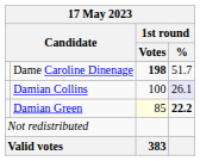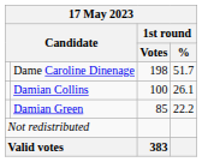 <table class="wikitable" style="min-width:250px">
 <tr>
 <th colspan="12">17 May 2023</th>
 </tr>
 <tr>
 <th colspan="2" rowspan="2">Candidate</th>
 <th colspan="2">1st round</th>
 </tr>
 <tr>
 <th>Votes</th>
 <th>%</th>
 </tr>
 <tr>
 <td style="color:inherit;background-color: "></td>
 <td>Dame <a href='#'>Caroline Dinenage</a></td>
-<td align="right"><strong>198</strong></td>
+<td align="right">198</td>
 <td align="right">51.7</td>
 </tr>
 <tr>
 <td style="color:inherit;background-color: "></td>
 <td><a href='#'>Damian Collins</a></td>
 <td align="right">100</td>
-<td align="right" style="background: lavender;">26.1</td>
+<td align="right">26.1</td>
 </tr>
 <tr>
 <td style="color:inherit;background-color: "></td>
 <td><a href='#'>Damian Green</a></td>
-<td align="right" style="background: lightyellow;">85</td>
-<td align="right"><strong>22.2</strong></td>
+<td align="right">85</td>
+<td align="right">22.2</td>
 </tr>
 <tr>
 <td colspan="2"><em>Not redistributed</em></td>
 <td align="right"></td>
 <td align="right"></td>
 </tr>
 <tr>
 <th style="text-align:left;" colspan="2"><strong>Valid votes</strong></th>
 <th style="text-align:right;">383</th>
 <th style="text-align:right;"></th>
 </tr>
 </table>
